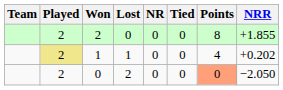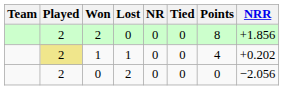 <table class="wikitable" style="text-align:center">
 <tr>
 <th>Team</th>
 <th>Played</th>
 <th>Won</th>
 <th>Lost</th>
 <th>NR</th>
 <th>Tied</th>
 <th>Points</th>
 <th><a href='#'>NRR</a></th>
 </tr>
 <tr style="background:#ccffcc">
 <td></td>
 <td>2</td>
 <td>2</td>
 <td>0</td>
 <td>0</td>
 <td>0</td>
 <td>8</td>
-<td>+1.855</td>
+<td>+1.856</td>
 </tr>
 <tr>
 <td></td>
 <td style="background: khaki;">2</td>
 <td>1</td>
 <td>1</td>
 <td>0</td>
 <td>0</td>
 <td>4</td>
 <td>+0.202</td>
 </tr>
 <tr>
 <td></td>
 <td>2</td>
 <td>0</td>
 <td>2</td>
 <td>0</td>
 <td>0</td>
-<td style="background: lightsalmon;">0</td>
-<td>−2.050</td>
+<td>0</td>
+<td>−2.056</td>
 </tr>
 </table>
